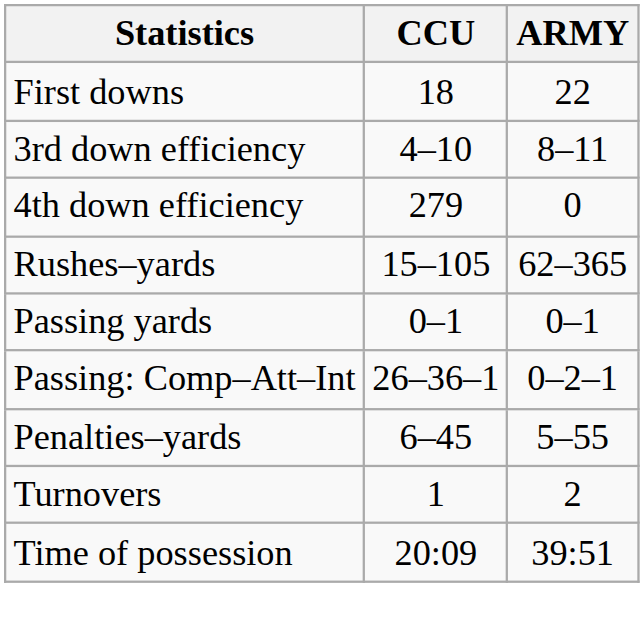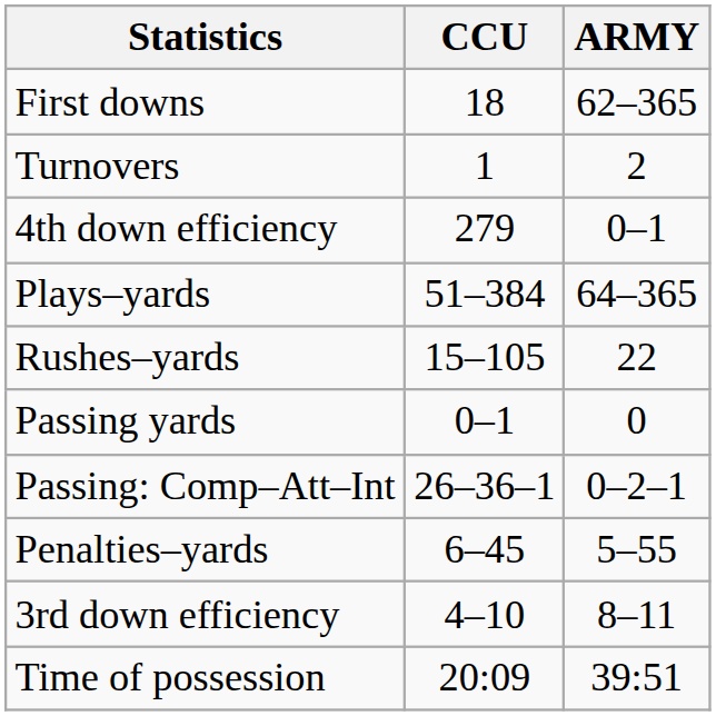 <table class="wikitable">
 <tr>
 <th>Statistics</th>
 <th>CCU</th>
 <th>ARMY</th>
 </tr>
 <tr>
 <td>First downs</td>
 <td align=center>18</td>
-<td align=center>22</td>
+<td align=center>62–365</td>
 </tr>
 <tr>
-<td>3rd down efficiency</td>
-<td align=center>4–10</td>
-<td align=center>8–11</td>
+<td>Turnovers</td>
+<td align=center>1</td>
+<td align=center>2</td>
 </tr>
 <tr>
 <td>4th down efficiency</td>
 <td align=center>279</td>
-<td align=center>0</td>
+<td align=center>0–1</td>
+</tr>
+<tr>
+<td>Plays–yards</td>
+<td align=center>51–384</td>
+<td align=center>64–365</td>
 </tr>
 <tr>
 <td>Rushes–yards</td>
 <td align=center>15–105</td>
-<td align=center>62–365</td>
+<td align=center>22</td>
 </tr>
 <tr>
 <td>Passing yards</td>
 <td align=center>0–1</td>
-<td align=center>0–1</td>
+<td align=center>0</td>
 </tr>
 <tr>
 <td>Passing: Comp–Att–Int</td>
 <td align=center>26–36–1</td>
 <td align=center>0–2–1</td>
 </tr>
 <tr>
 <td>Penalties–yards</td>
 <td align=center>6–45</td>
 <td align=center>5–55</td>
 </tr>
 <tr>
-<td>Turnovers</td>
-<td align=center>1</td>
-<td align=center>2</td>
+<td>3rd down efficiency</td>
+<td align=center>4–10</td>
+<td align=center>8–11</td>
 </tr>
 <tr>
 <td>Time of possession</td>
 <td align=center>20:09</td>
 <td align=center>39:51</td>
 </tr>
 </table>
